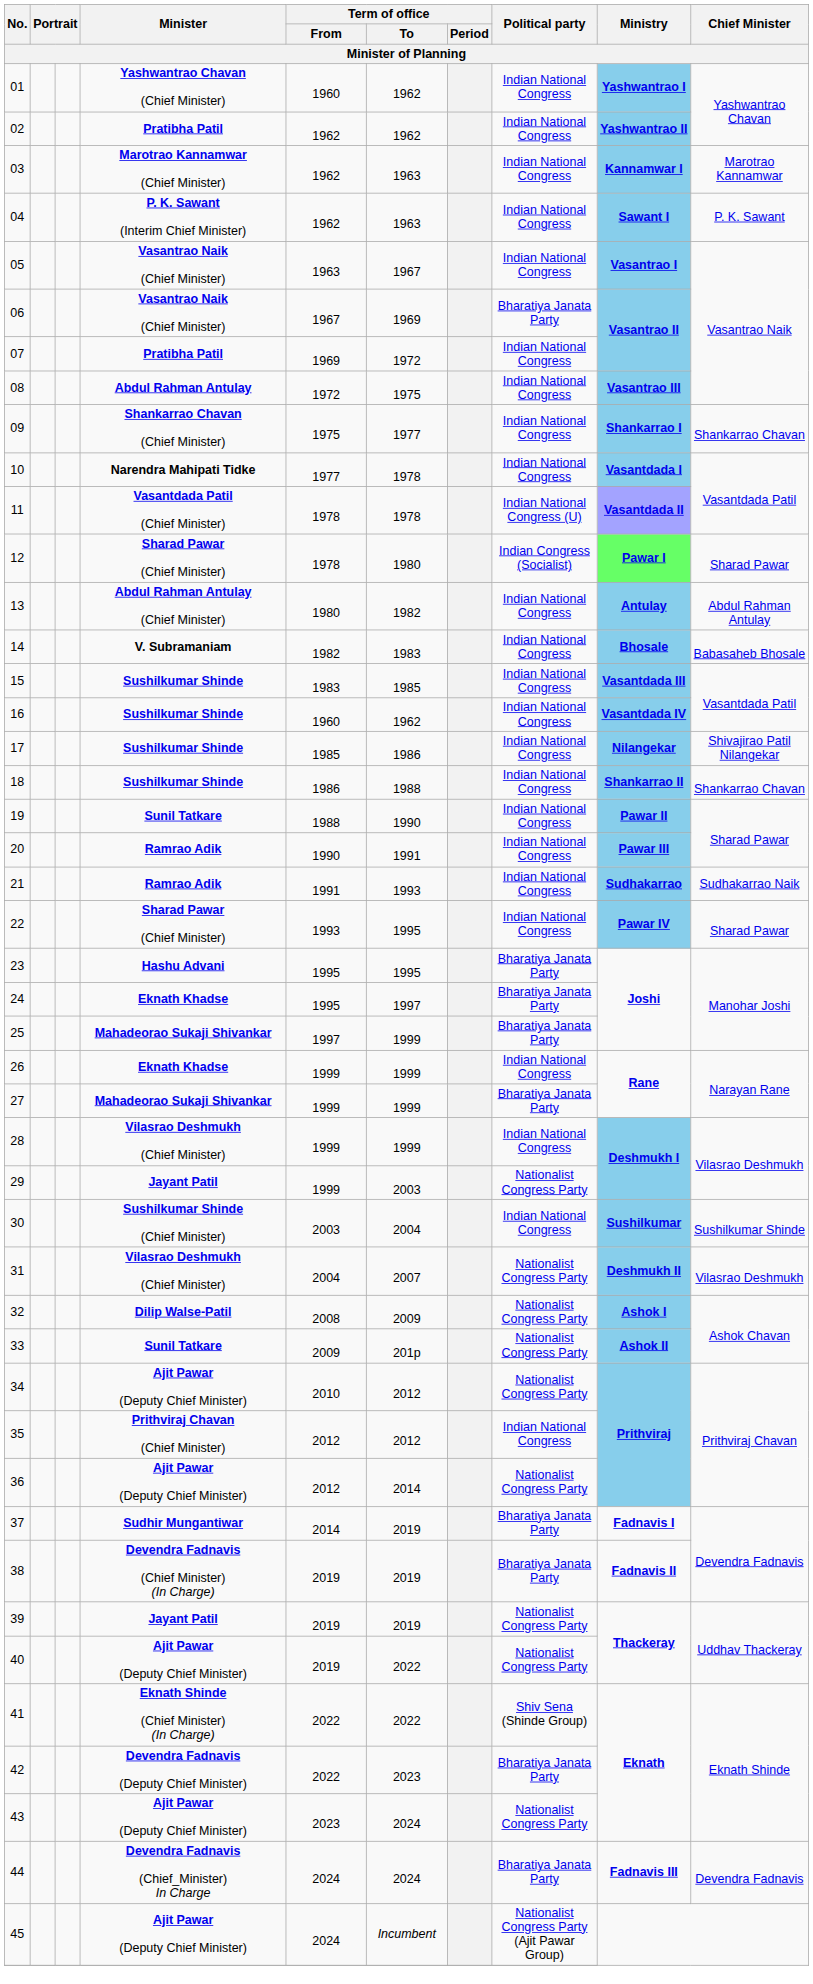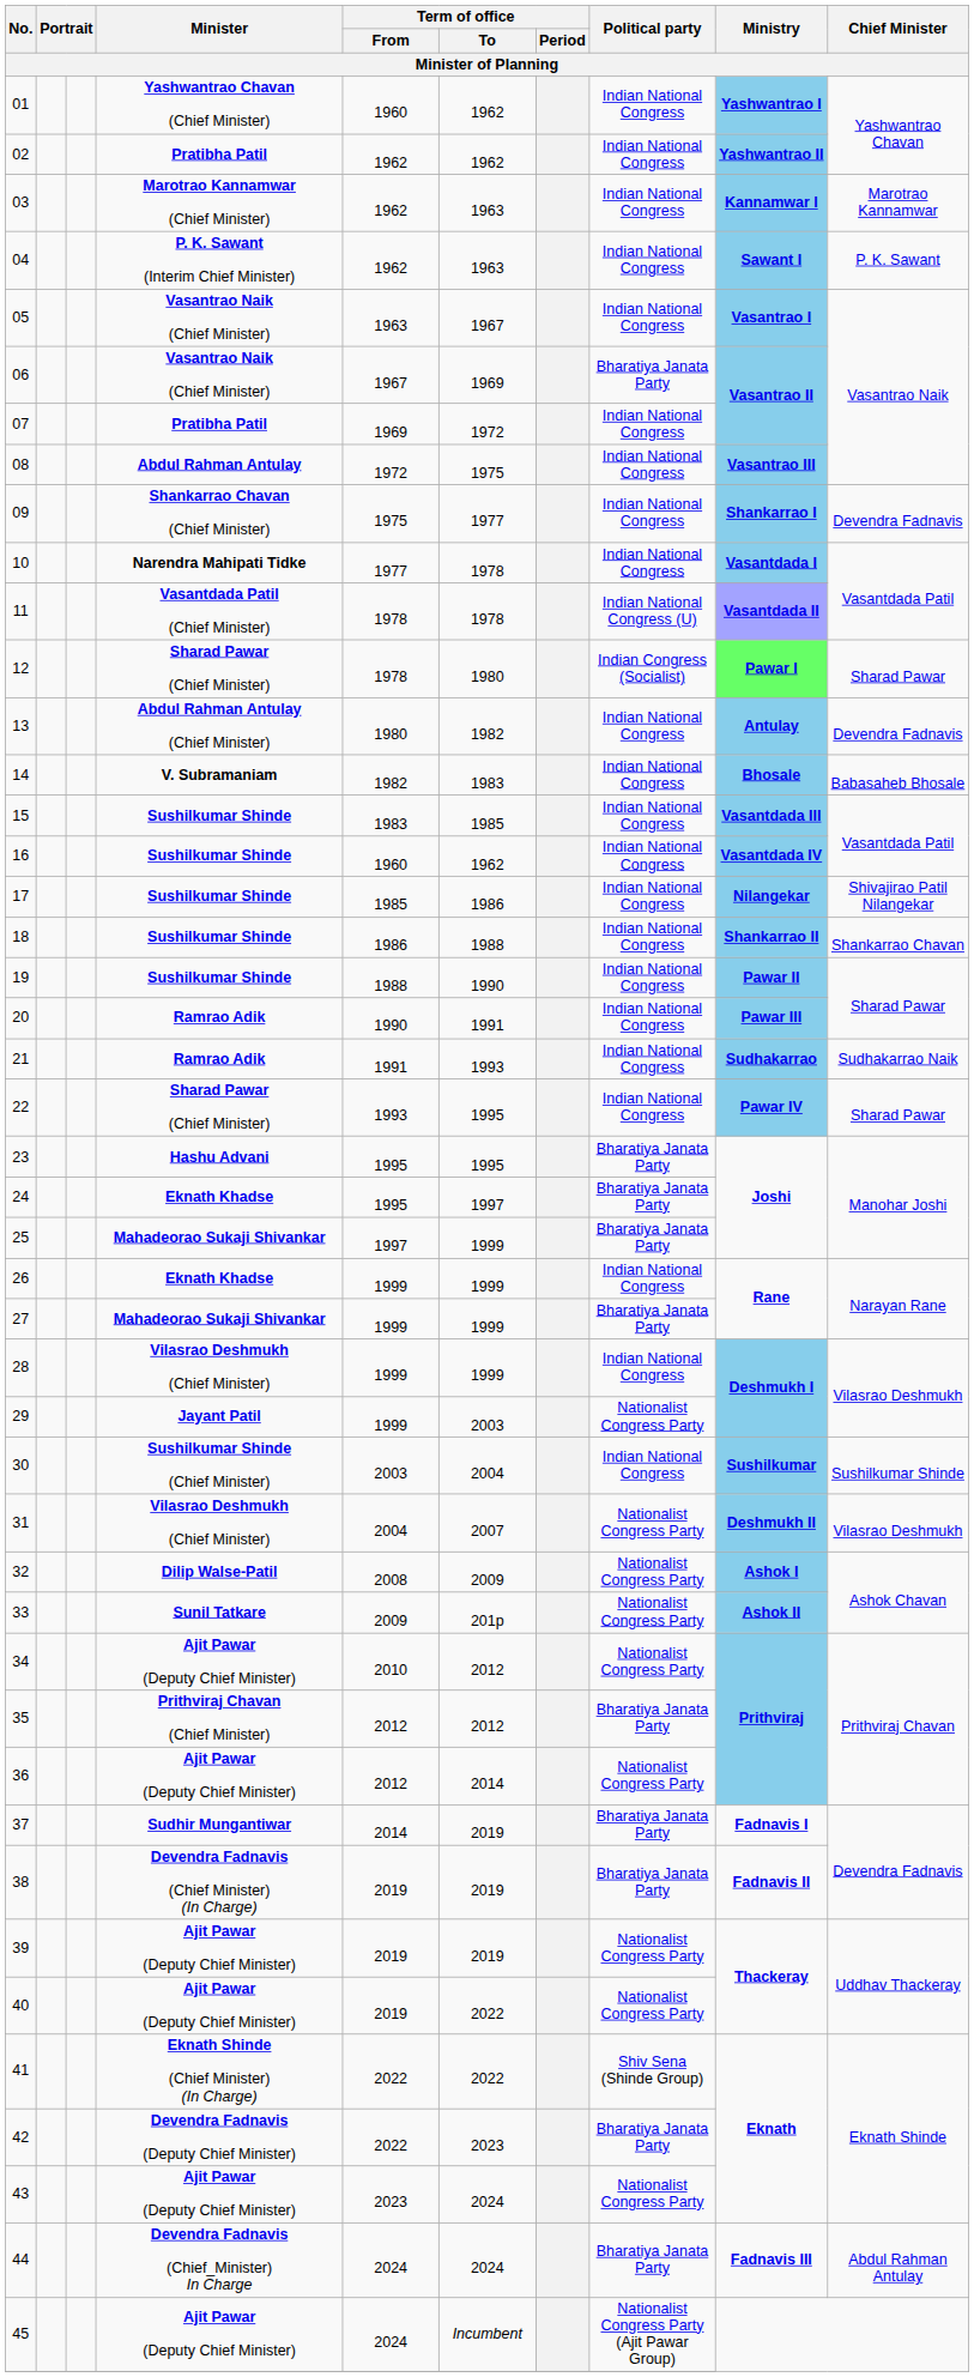 <table class="wikitable" style="text-align:center">
 <tr>
 <th rowspan="2">No.</th>
 <th rowspan="2" colspan="2">Portrait</th>
 <th rowspan="2" style="width:16em">Minister<br></th>
 <th colspan="3">Term of office</th>
 <th rowspan="2" style="width:8em">Political party</th>
 <th rowspan="2">Ministry</th>
 <th rowspan="2" style="width:9em">Chief Minister</th>
 </tr>
 <tr>
 <th style="width:6em">From</th>
 <th style="width:6em">To</th>
 <th>Period</th>
 </tr>
 <tr>
 <th colspan="10">Minister of Planning</th>
 </tr>
 <tr>
 <td>01</td>
 <td style="color:inherit;background:"></td>
 <td></td>
 <td><strong><a href='#'>Yashwantrao Chavan</a></strong> <br> <br>(Chief Minister)</td>
 <td><br>1960</td>
 <td><br>1962</td>
 <th></th>
 <td><a href='#'>Indian National Congress</a></td>
 <td bgcolor="#87CEEB"><a href='#'><strong>Yashwantrao I</strong></a></td>
 <td rowspan="2"> <br><a href='#'>Yashwantrao Chavan</a></td>
 </tr>
 <tr>
 <td>02</td>
 <td style="color:inherit;background:"></td>
 <td></td>
 <td><strong><a href='#'>Pratibha Patil</a></strong> <br> </td>
 <td><br>1962</td>
 <td><br>1962</td>
 <th></th>
 <td><a href='#'>Indian National Congress</a></td>
 <td bgcolor="#87CEEB"><a href='#'><strong>Yashwantrao II</strong></a></td>
 </tr>
 <tr>
 <td>03</td>
 <td style="color:inherit;background:"></td>
 <td></td>
 <td><strong><a href='#'>Marotrao Kannamwar</a></strong> <br>   <br>(Chief Minister)</td>
 <td><br>1962</td>
 <td><br>1963</td>
 <th></th>
 <td><a href='#'>Indian National Congress</a></td>
 <td bgcolor="#87CEEB"><a href='#'><strong>Kannamwar l</strong></a></td>
 <td><a href='#'>Marotrao Kannamwar</a></td>
 </tr>
 <tr>
 <td>04</td>
 <td style="color:inherit;background:"></td>
 <td></td>
 <td><strong><a href='#'>P. K. Sawant</a></strong> <br>  <br>(Interim Chief Minister)</td>
 <td><br>1962</td>
 <td><br>1963</td>
 <th></th>
 <td><a href='#'>Indian National Congress</a></td>
 <td bgcolor="#87CEEB"><a href='#'><strong>Sawant I</strong></a></td>
 <td><a href='#'>P. K. Sawant</a></td>
 </tr>
 <tr>
 <td>05</td>
 <td style="color:inherit;background:"></td>
 <td></td>
 <td><strong><a href='#'>Vasantrao Naik</a></strong> <br> <br>(Chief Minister)</td>
 <td><br>1963</td>
 <td><br>1967</td>
 <th></th>
 <td><a href='#'>Indian National Congress</a></td>
 <td bgcolor="#87CEEB"><a href='#'><strong>Vasantrao I</strong></a></td>
 <td rowspan="4"><br><a href='#'>Vasantrao Naik</a></td>
 </tr>
 <tr>
 <td>06</td>
 <td style="color:inherit;background:"></td>
 <td></td>
 <td><strong><a href='#'>Vasantrao Naik</a></strong> <br> <br>(Chief Minister)</td>
 <td><br>1967</td>
 <td><br>1969</td>
 <th></th>
 <td><a href='#'>Bharatiya Janata Party</a></td>
 <td rowspan="2" bgcolor="#87CEEB"><a href='#'><strong>Vasantrao II</strong></a></td>
 </tr>
 <tr>
 <td>07</td>
 <td style="color:inherit;background:"></td>
 <td></td>
 <td><strong><a href='#'>Pratibha Patil</a></strong> <br> </td>
 <td><br>1969</td>
 <td><br>1972</td>
 <th></th>
 <td><a href='#'>Indian National Congress</a></td>
 </tr>
 <tr>
 <td>08</td>
 <td style="color:inherit;background:"></td>
 <td></td>
 <td><strong><a href='#'>Abdul Rahman Antulay</a></strong> <br> </td>
 <td><br>1972</td>
 <td><br>1975</td>
 <th></th>
 <td><a href='#'>Indian National Congress</a></td>
 <td bgcolor="#87CEEB"><a href='#'><strong>Vasantrao III</strong></a></td>
 </tr>
 <tr>
 <td>09</td>
 <td style="color:inherit;background:"></td>
 <td></td>
 <td><strong><a href='#'>Shankarrao Chavan</a></strong> <br> <br>(Chief Minister)</td>
 <td><br>1975</td>
 <td><br>1977</td>
 <th></th>
 <td><a href='#'>Indian National Congress</a></td>
 <td bgcolor="#87CEEB"><a href='#'><strong>Shankarrao I</strong></a></td>
-<td><br><a href='#'>Shankarrao Chavan</a></td>
+<td rowspan="1"> <br><a href='#'>Devendra Fadnavis</a></td>
 </tr>
 <tr>
 <td>10</td>
 <td style="color:inherit;background:"></td>
 <td></td>
 <td><strong>Narendra Mahipati Tidke</strong> <br> </td>
 <td><br>1977</td>
 <td><br>1978</td>
 <th></th>
 <td><a href='#'>Indian National Congress</a></td>
 <td rowspan="1" bgcolor="#88CEEB"><a href='#'><strong>Vasantdada I</strong></a></td>
 <td rowspan="2"><br><a href='#'>Vasantdada Patil</a></td>
 </tr>
 <tr>
 <td>11</td>
 <td style="color:inherit;background:"></td>
 <td></td>
 <td><strong><a href='#'>Vasantdada Patil</a></strong> <br> <br>(Chief Minister)</td>
 <td><br>1978</td>
 <td><br>1978</td>
 <th></th>
 <td><a href='#'>Indian National Congress (U)</a></td>
 <td bgcolor="#A3A3FF"><a href='#'><strong>Vasantdada II</strong></a></td>
 </tr>
 <tr>
 <td>12</td>
 <td style="color:inherit;background:"></td>
 <td></td>
 <td><strong><a href='#'>Sharad Pawar</a></strong> <br> <br> (Chief Minister)</td>
 <td><br>1978</td>
 <td><br>1980</td>
 <th></th>
 <td><a href='#'>Indian Congress (Socialist)</a></td>
 <td rowspan="1" bgcolor="#66FF66"><a href='#'><strong>Pawar I</strong></a></td>
 <td rowspan="1"><br><a href='#'>Sharad Pawar</a></td>
 </tr>
 <tr>
 <td>13</td>
 <td style="color:inherit;background:"></td>
 <td></td>
 <td><strong><a href='#'>Abdul Rahman Antulay</a></strong> <br> <br>(Chief Minister)</td>
 <td><br>1980</td>
 <td><br>1982</td>
 <th></th>
 <td><a href='#'>Indian National Congress</a></td>
 <td bgcolor="#87CEEB"><a href='#'><strong>Antulay</strong></a></td>
-<td rowspan="1"> <br><a href='#'>Abdul Rahman Antulay</a></td>
+<td rowspan="1"> <br><a href='#'>Devendra Fadnavis</a></td>
 </tr>
 <tr>
 <td>14</td>
 <td style="color:inherit;background:"></td>
 <td></td>
 <td><strong>V. Subramaniam</strong> <br> </td>
 <td><br>1982</td>
 <td><br>1983</td>
 <th></th>
 <td><a href='#'>Indian National Congress</a></td>
 <td bgcolor="#87CEEB"><a href='#'><strong>Bhosale</strong></a></td>
 <td rowspan="1"> <br><a href='#'>Babasaheb Bhosale</a></td>
 </tr>
 <tr>
 <td>15</td>
 <td style="color:inherit;background:"></td>
 <td></td>
 <td><strong><a href='#'>Sushilkumar Shinde</a></strong> <br> </td>
 <td><br>1983</td>
 <td><br>1985</td>
 <th></th>
 <td><a href='#'>Indian National Congress</a></td>
 <td bgcolor="#87CEEB"><a href='#'><strong>Vasantdada III</strong></a></td>
 <td rowspan="2"><br><a href='#'>Vasantdada Patil</a></td>
 </tr>
 <tr>
 <td>16</td>
 <td style="color:inherit;background:"></td>
 <td></td>
 <td><strong><a href='#'>Sushilkumar Shinde</a></strong> <br> </td>
 <td><br>1960</td>
 <td><br>1962</td>
 <th></th>
 <td><a href='#'>Indian National Congress</a></td>
 <td bgcolor="#87CEEB"><a href='#'><strong>Vasantdada IV</strong></a></td>
 </tr>
 <tr>
 <td>17</td>
 <td style="color:inherit;background:"></td>
 <td></td>
 <td><strong><a href='#'>Sushilkumar Shinde</a></strong> <br> </td>
 <td><br>1985</td>
 <td><br>1986</td>
 <th></th>
 <td><a href='#'>Indian National Congress</a></td>
 <td bgcolor="#87CEEB"><a href='#'><strong>Nilangekar</strong></a></td>
 <td><a href='#'>Shivajirao Patil Nilangekar</a></td>
 </tr>
 <tr>
 <td>18</td>
 <td style="color:inherit;background:"></td>
 <td></td>
 <td><strong><a href='#'>Sushilkumar Shinde</a></strong> <br> </td>
 <td><br>1986</td>
 <td><br>1988</td>
 <th></th>
 <td><a href='#'>Indian National Congress</a></td>
 <td bgcolor="#87CEEB"><a href='#'><strong>Shankarrao II</strong></a></td>
 <td rowspan="1"> <br><a href='#'>Shankarrao Chavan</a></td>
 </tr>
 <tr>
 <td>19</td>
 <td style="color:inherit;background:"></td>
 <td></td>
-<td><strong><a href='#'>Sunil Tatkare</a></strong> <br> </td>
+<td><strong><a href='#'>Sushilkumar Shinde</a></strong> <br> </td>
 <td><br>1988</td>
 <td><br>1990</td>
 <th></th>
 <td><a href='#'>Indian National Congress</a></td>
 <td bgcolor="#87CEEB"><a href='#'><strong>Pawar II</strong></a></td>
 <td rowspan="2"> <br><a href='#'>Sharad Pawar</a></td>
 </tr>
 <tr>
 <td>20</td>
 <td style="color:inherit;background:"></td>
 <td></td>
 <td><strong><a href='#'>Ramrao Adik</a></strong> <br> </td>
 <td><br>1990</td>
 <td><br>1991</td>
 <th></th>
 <td><a href='#'>Indian National Congress</a></td>
 <td bgcolor="#87CEEB"><a href='#'><strong>Pawar III</strong></a></td>
 </tr>
 <tr>
 <td>21</td>
 <td style="color:inherit;background:"></td>
 <td></td>
 <td><strong><a href='#'>Ramrao Adik</a></strong> <br> </td>
 <td><br>1991</td>
 <td><br>1993</td>
 <th></th>
 <td><a href='#'>Indian National Congress</a></td>
 <td rowspan="1" bgcolor="#87CEEB"><a href='#'><strong>Sudhakarrao</strong></a></td>
 <td rowspan="1"><a href='#'>Sudhakarrao Naik</a></td>
 </tr>
 <tr>
 <td>22</td>
 <td style="color:inherit;background:"></td>
 <td></td>
 <td><strong><a href='#'>Sharad Pawar</a></strong> <br> <br>(Chief Minister)</td>
 <td><br>1993</td>
 <td><br>1995</td>
 <th></th>
 <td><a href='#'>Indian National Congress</a></td>
 <td bgcolor="#87CEEB"><a href='#'><strong>Pawar IV</strong></a></td>
 <td> <br><a href='#'>Sharad Pawar</a></td>
 </tr>
 <tr>
 <td>23</td>
 <td style="color:inherit;background:"></td>
 <td></td>
 <td><strong><a href='#'>Hashu Advani</a></strong><br> </td>
 <td><br>1995</td>
 <td><br>1995</td>
 <th></th>
 <td><a href='#'>Bharatiya Janata Party</a></td>
 <td rowspan="3"><a href='#'><strong>Joshi</strong></a></td>
 <td rowspan="3"> <br><a href='#'>Manohar Joshi</a></td>
 </tr>
 <tr>
 <td>24</td>
 <td style="color:inherit;background:"></td>
 <td></td>
 <td><strong><a href='#'>Eknath Khadse</a></strong><br> </td>
 <td><br>1995</td>
 <td><br>1997</td>
 <th></th>
 <td><a href='#'>Bharatiya Janata Party</a></td>
 </tr>
 <tr>
 <td>25</td>
 <td style="color:inherit;background:"></td>
 <td></td>
 <td><strong><a href='#'>Mahadeorao Sukaji Shivankar</a></strong><br> </td>
 <td><br>1997</td>
 <td><br>1999</td>
 <th></th>
 <td><a href='#'>Bharatiya Janata Party</a></td>
 </tr>
 <tr>
 <td>26</td>
 <td style="color:inherit;background:"></td>
 <td></td>
 <td><strong><a href='#'>Eknath Khadse</a></strong><br> </td>
 <td><br>1999</td>
 <td><br>1999</td>
 <th></th>
 <td><a href='#'>Indian National Congress</a></td>
 <td rowspan="2"><a href='#'><strong>Rane</strong></a></td>
 <td rowspan="2"> <br><a href='#'>Narayan Rane</a></td>
 </tr>
 <tr>
 <td>27</td>
 <td style="color:inherit;background:"></td>
 <td></td>
 <td><strong><a href='#'>Mahadeorao Sukaji Shivankar</a></strong><br> </td>
 <td><br>1999</td>
 <td><br>1999</td>
 <th></th>
 <td><a href='#'>Bharatiya Janata Party</a></td>
 </tr>
 <tr>
 <td>28</td>
 <td style="color:inherit;background:"></td>
 <td></td>
 <td><strong><a href='#'>Vilasrao Deshmukh</a></strong> <br> <br>(Chief Minister)</td>
 <td><br>1999</td>
 <td><br>1999</td>
 <th></th>
 <td><a href='#'>Indian National Congress</a></td>
 <td rowspan="2" bgcolor="#87CEEB"><a href='#'><strong>Deshmukh I</strong></a></td>
 <td rowspan="2"> <br><a href='#'>Vilasrao Deshmukh</a></td>
 </tr>
 <tr>
 <td>29</td>
 <td style="color:inherit;background:"></td>
 <td></td>
 <td><strong><a href='#'>Jayant Patil</a></strong> <br> </td>
 <td><br>1999</td>
 <td><br>2003</td>
 <th></th>
 <td><a href='#'>Nationalist Congress Party</a></td>
 </tr>
 <tr>
 <td>30</td>
 <td style="color:inherit;background:"></td>
 <td></td>
 <td><strong><a href='#'>Sushilkumar Shinde</a></strong> <br> <br>(Chief Minister)</td>
 <td><br>2003</td>
 <td><br>2004</td>
 <th></th>
 <td><a href='#'>Indian National Congress</a></td>
 <td rowspan="1" bgcolor="#87CEEB"><a href='#'><strong>Sushilkumar</strong></a></td>
 <td rowspan="1"> <br><a href='#'>Sushilkumar Shinde</a></td>
 </tr>
 <tr>
 <td>31</td>
 <td style="color:inherit;background:"></td>
 <td></td>
 <td><strong><a href='#'>Vilasrao Deshmukh</a></strong> <br> <br>(Chief Minister)</td>
 <td><br>2004</td>
 <td><br>2007</td>
 <th></th>
 <td><a href='#'>Nationalist Congress Party</a></td>
 <td bgcolor="#87CEEB"><a href='#'><strong>Deshmukh II</strong></a></td>
 <td> <br><a href='#'>Vilasrao Deshmukh</a></td>
 </tr>
 <tr>
 <td>32</td>
 <td style="color:inherit;background:"></td>
 <td></td>
 <td><strong><a href='#'>Dilip Walse-Patil</a></strong> <br> </td>
 <td><br>2008</td>
 <td><br>2009</td>
 <th></th>
 <td><a href='#'>Nationalist Congress Party</a></td>
 <td bgcolor="#87CEEB"><a href='#'><strong>Ashok I</strong></a></td>
 <td rowspan="2"><br><a href='#'>Ashok Chavan</a></td>
 </tr>
 <tr>
 <td>33</td>
 <td style="color:inherit;background:"></td>
 <td></td>
 <td><strong><a href='#'>Sunil Tatkare</a></strong> <br> </td>
 <td><br>2009</td>
 <td><br>201p</td>
 <th></th>
 <td><a href='#'>Nationalist Congress Party</a></td>
 <td bgcolor="#87CEEB"><a href='#'><strong>Ashok II</strong></a></td>
 </tr>
 <tr>
 <td>34</td>
 <td style="color:inherit;background:"></td>
 <td></td>
 <td><strong><a href='#'>Ajit Pawar</a></strong> <br> <br>(Deputy Chief Minister)</td>
 <td><br>2010</td>
 <td><br>2012</td>
 <th></th>
 <td><a href='#'>Nationalist Congress Party</a></td>
 <td rowspan="3" bgcolor="#87CEEB"><a href='#'><strong>Prithviraj</strong></a></td>
 <td rowspan="3"><br><a href='#'>Prithviraj Chavan</a></td>
 </tr>
 <tr>
 <td>35</td>
 <td style="color:inherit;background:"></td>
 <td></td>
 <td><strong><a href='#'>Prithviraj Chavan</a></strong><br>  <br>(Chief Minister)</td>
 <td><br>2012</td>
 <td><br>2012</td>
 <th></th>
-<td><a href='#'>Indian National Congress</a></td>
+<td><a href='#'>Bharatiya Janata Party</a></td>
 </tr>
 <tr>
 <td>36</td>
 <td style="color:inherit;background:"></td>
 <td></td>
 <td><strong><a href='#'>Ajit Pawar</a></strong> <br> <br>(Deputy Chief Minister)</td>
 <td><br>2012</td>
 <td><br>2014</td>
 <th></th>
 <td><a href='#'>Nationalist Congress Party</a></td>
 </tr>
 <tr>
 <td>37</td>
 <td style="color:inherit;background:"></td>
 <td></td>
 <td><strong><a href='#'>Sudhir Mungantiwar</a></strong> <br> </td>
 <td><br>2014</td>
 <td><br>2019</td>
 <th></th>
 <td><a href='#'>Bharatiya Janata Party</a></td>
 <td rowspan="1"><a href='#'><strong>Fadnavis I</strong></a></td>
 <td rowspan="2"> <br><a href='#'>Devendra Fadnavis</a></td>
 </tr>
 <tr>
 <td>38</td>
 <td style="color:inherit;background:"></td>
 <td></td>
 <td><strong><a href='#'>Devendra Fadnavis</a></strong>  <br> <br>(Chief Minister) <br><em>(In Charge)</em></td>
 <td><br>2019</td>
 <td><br>2019</td>
 <th></th>
 <td><a href='#'>Bharatiya Janata Party</a></td>
 <td rowspan="1"><a href='#'><strong>Fadnavis II</strong></a></td>
 </tr>
 <tr>
 <td>39</td>
 <td style="color:inherit;background:"></td>
 <td></td>
-<td><strong><a href='#'>Jayant Patil</a></strong> <br> </td>
+<td><strong><a href='#'>Ajit Pawar</a></strong> <br> <br>(Deputy Chief Minister)</td>
 <td><br>2019</td>
 <td><br>2019</td>
 <th></th>
 <td><a href='#'>Nationalist Congress Party</a></td>
 <td rowspan="2"><a href='#'><strong>Thackeray</strong></a></td>
 <td rowspan="2"> <br><a href='#'>Uddhav Thackeray</a></td>
 </tr>
 <tr>
 <td>40</td>
 <td style="color:inherit;background:"></td>
 <td></td>
 <td><strong><a href='#'>Ajit Pawar</a></strong> <br> <br>(Deputy Chief Minister)</td>
 <td><br>2019</td>
 <td><br>2022</td>
 <th></th>
 <td><a href='#'>Nationalist Congress Party</a></td>
 </tr>
 <tr>
 <td>41</td>
 <td style="color:inherit;background:"></td>
 <td></td>
 <td><strong><a href='#'>Eknath Shinde</a></strong> <br> <br>(Chief Minister) <br><em>(In Charge)</em></td>
 <td><br>2022</td>
 <td><br>2022</td>
 <th></th>
 <td><a href='#'>Shiv Sena</a> (Shinde Group)</td>
 <td rowspan="3"><a href='#'><strong>Eknath</strong></a></td>
 <td rowspan="3"> <br><a href='#'>Eknath Shinde</a></td>
 </tr>
 <tr>
 <td>42</td>
 <td style="color:inherit;background:"></td>
 <td></td>
 <td><strong><a href='#'>Devendra Fadnavis</a></strong> <br> <br>(Deputy Chief Minister)</td>
 <td><br>2022</td>
 <td><br>2023</td>
 <th></th>
 <td><a href='#'>Bharatiya Janata Party</a></td>
 </tr>
 <tr>
 <td>43</td>
 <td style="color:inherit;background:"></td>
 <td></td>
 <td><strong><a href='#'>Ajit Pawar</a></strong> <br> <br>(Deputy Chief Minister)</td>
 <td><br>2023</td>
 <td><br>2024</td>
 <th></th>
 <td><a href='#'>Nationalist Congress Party</a></td>
 </tr>
 <tr>
 <td>44</td>
 <td style="color:inherit;background:"></td>
 <td></td>
 <td><strong><a href='#'>Devendra Fadnavis</a></strong>  <br> <br>(Chief_Minister) <br><em>In Charge</em></td>
 <td><br>2024</td>
 <td><br>2024</td>
 <th></th>
 <td><a href='#'>Bharatiya Janata Party</a></td>
 <td rowspan="1"><a href='#'><strong>Fadnavis III</strong></a></td>
-<td rowspan="1"> <br><a href='#'>Devendra Fadnavis</a></td>
+<td rowspan="1"> <br><a href='#'>Abdul Rahman Antulay</a></td>
 </tr>
 <tr>
 <td>45</td>
 <td></td>
 <td></td>
 <td><strong><a href='#'>Ajit Pawar</a></strong> <br> <br>(Deputy Chief Minister)</td>
 <td><br>2024</td>
 <td><em>Incumbent</em></td>
 <th></th>
 <td><a href='#'>Nationalist Congress Party</a> (Ajit Pawar Group)</td>
 </tr>
 <tr>
 </tr>
 </table>
